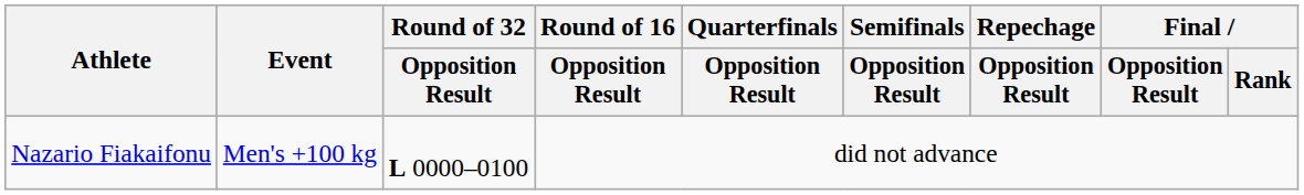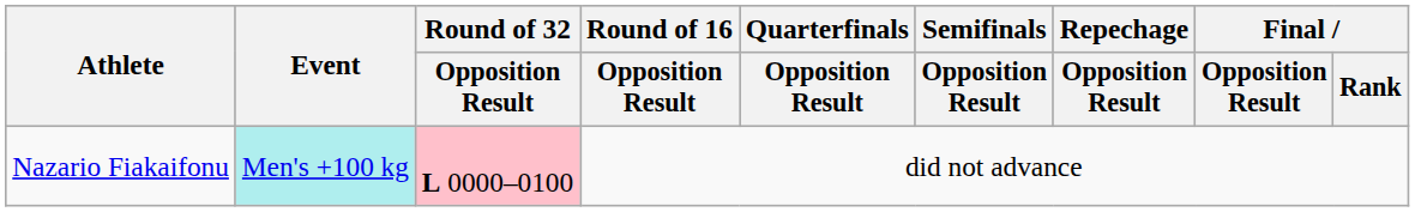 <table class="wikitable" style="font-size:90%">
 <tr>
 <th rowspan="2">Athlete</th>
 <th rowspan="2">Event</th>
 <th>Round of 32</th>
 <th>Round of 16</th>
 <th>Quarterfinals</th>
 <th>Semifinals</th>
 <th>Repechage</th>
 <th colspan=2>Final / </th>
 </tr>
 <tr style="font-size:95%">
 <th>Opposition<br>Result</th>
 <th>Opposition<br>Result</th>
 <th>Opposition<br>Result</th>
 <th>Opposition<br>Result</th>
 <th>Opposition<br>Result</th>
 <th>Opposition<br>Result</th>
 <th>Rank</th>
 </tr>
 <tr align=center>
 <td align=left><a href='#'>Nazario Fiakaifonu</a></td>
-<td align=left><a href='#'>Men's +100 kg</a></td>
-<td><br><strong>L</strong> 0000–0100</td>
+<td align=left style="background: paleturquoise;"><a href='#'>Men's +100 kg</a></td>
+<td style="background: pink;"><br><strong>L</strong> 0000–0100</td>
 <td colspan=6>did not advance</td>
 </tr>
 </table>
